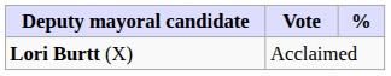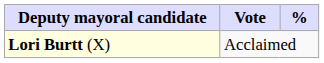 <table class="wikitable">
 <tr>
 <th style="background:#ddf; width:200px;">Deputy mayoral candidate</th>
 <th style="background:#ddf; width:50px;">Vote</th>
 <th style="background:#ddf; width:30px;">%</th>
 </tr>
 <tr>
-<td><strong>Lori Burtt</strong> (X)</td>
+<td style="background: lightyellow;"><strong>Lori Burtt</strong> (X)</td>
 <td colspan="2">Acclaimed</td>
 </tr>
 </table>
